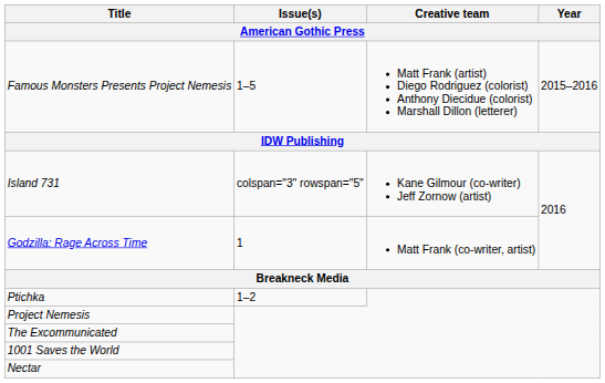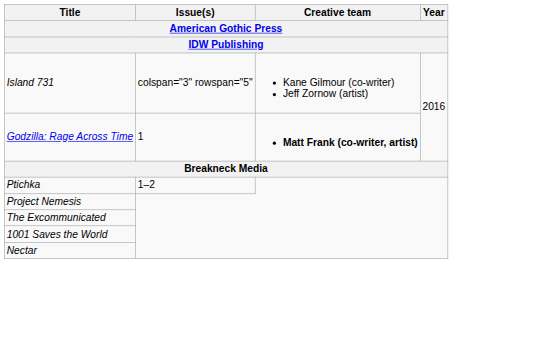 <table class="wikitable">
 <tr>
 <th>Title</th>
 <th>Issue(s)</th>
 <th>Creative team</th>
 <th>Year</th>
 </tr>
 <tr>
 <th colspan="4"><a href='#'>American Gothic Press</a></th>
-</tr>
-<tr>
-<td><em>Famous Monsters Presents Project Nemesis</em></td>
-<td>1–5</td>
-<td><br><ul><li>Matt Frank (artist)</li><li>Diego Rodriguez (colorist)</li><li>Anthony Diecidue (colorist)</li><li>Marshall Dillon (letterer)</li></ul></td>
-<td>2015–2016</td>
 </tr>
 <tr>
 <th colspan="4"><a href='#'>IDW Publishing</a></th>
 </tr>
 <tr>
 <td><em>Island 731</em></td>
 <td>colspan="3" rowspan="5" </td>
 <td><br><ul><li>Kane Gilmour (co-writer)</li><li>Jeff Zornow (artist)</li></ul></td>
 <td rowspan="2">2016</td>
 </tr>
 <tr>
 <td><em><a href='#'>Godzilla: Rage Across Time</a></em></td>
 <td>1</td>
-<td><br><ul><li>Matt Frank (co-writer, artist)</li></ul></td>
+<td><strong><br><ul><li>Matt Frank (co-writer, artist)</li></ul></strong></td>
 </tr>
 <tr>
 <th colspan="4">Breakneck Media</th>
 </tr>
 <tr>
 <td><em>Ptichka</em></td>
 <td>1–2</td>
 </tr>
 <tr>
 <td><em>Project Nemesis</em></td>
 </tr>
 <tr>
 <td><em>The Excommunicated</em></td>
 </tr>
 <tr>
 <td><em>1001 Saves the World</em></td>
 </tr>
 <tr>
 <td><em>Nectar</em></td>
 </tr>
 </table>
